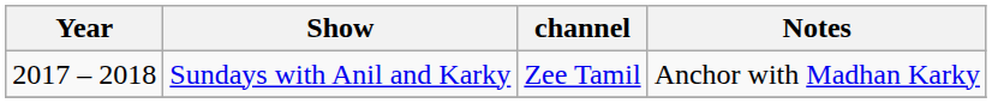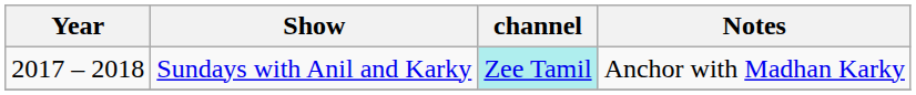 <table class="wikitable">
 <tr>
 <th>Year</th>
 <th>Show</th>
 <th>channel</th>
 <th>Notes</th>
 </tr>
 <tr>
 <td>2017 – 2018</td>
 <td><a href='#'>Sundays with Anil and Karky</a></td>
-<td><a href='#'>Zee Tamil</a></td>
+<td style="background: paleturquoise;"><a href='#'>Zee Tamil</a></td>
 <td>Anchor with <a href='#'>Madhan Karky</a></td>
 </tr>
 <tr>
 </tr>
 </table>
